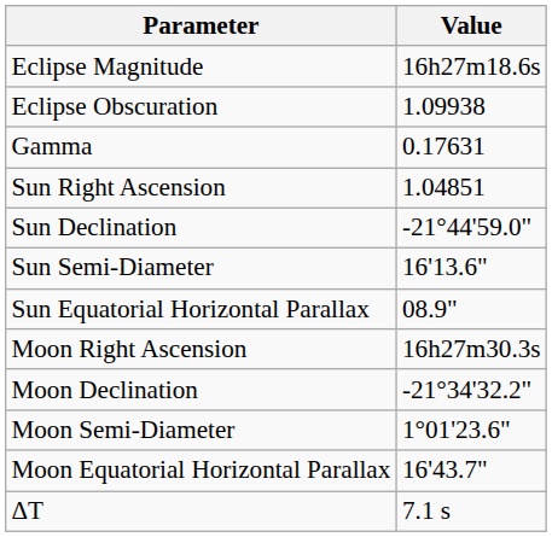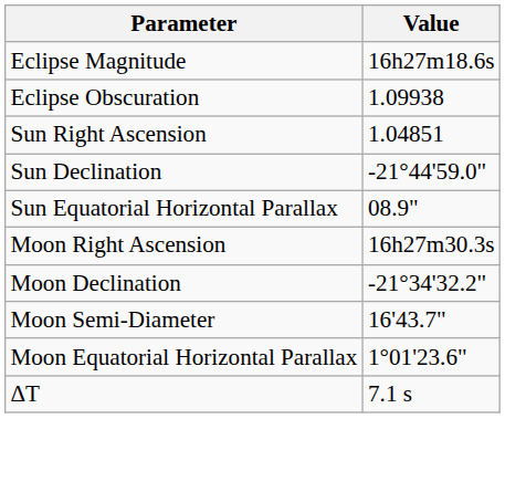 <table class="wikitable">
 <tr>
 <th>Parameter</th>
 <th>Value</th>
 </tr>
 <tr>
 <td>Eclipse Magnitude</td>
 <td>16h27m18.6s</td>
 </tr>
 <tr>
 <td>Eclipse Obscuration</td>
 <td>1.09938</td>
 </tr>
 <tr>
-<td>Gamma</td>
-<td>0.17631</td>
-</tr>
-<tr>
 <td>Sun Right Ascension</td>
 <td>1.04851</td>
 </tr>
 <tr>
 <td>Sun Declination</td>
 <td>-21°44'59.0"</td>
-</tr>
-<tr>
-<td>Sun Semi-Diameter</td>
-<td>16'13.6"</td>
 </tr>
 <tr>
 <td>Sun Equatorial Horizontal Parallax</td>
 <td>08.9"</td>
 </tr>
 <tr>
 <td>Moon Right Ascension</td>
 <td>16h27m30.3s</td>
 </tr>
 <tr>
 <td>Moon Declination</td>
 <td>-21°34'32.2"</td>
 </tr>
 <tr>
 <td>Moon Semi-Diameter</td>
-<td>1°01'23.6"</td>
+<td>16'43.7"</td>
 </tr>
 <tr>
 <td>Moon Equatorial Horizontal Parallax</td>
-<td>16'43.7"</td>
+<td>1°01'23.6"</td>
 </tr>
 <tr>
 <td>ΔT</td>
 <td>7.1 s</td>
 </tr>
 </table>
